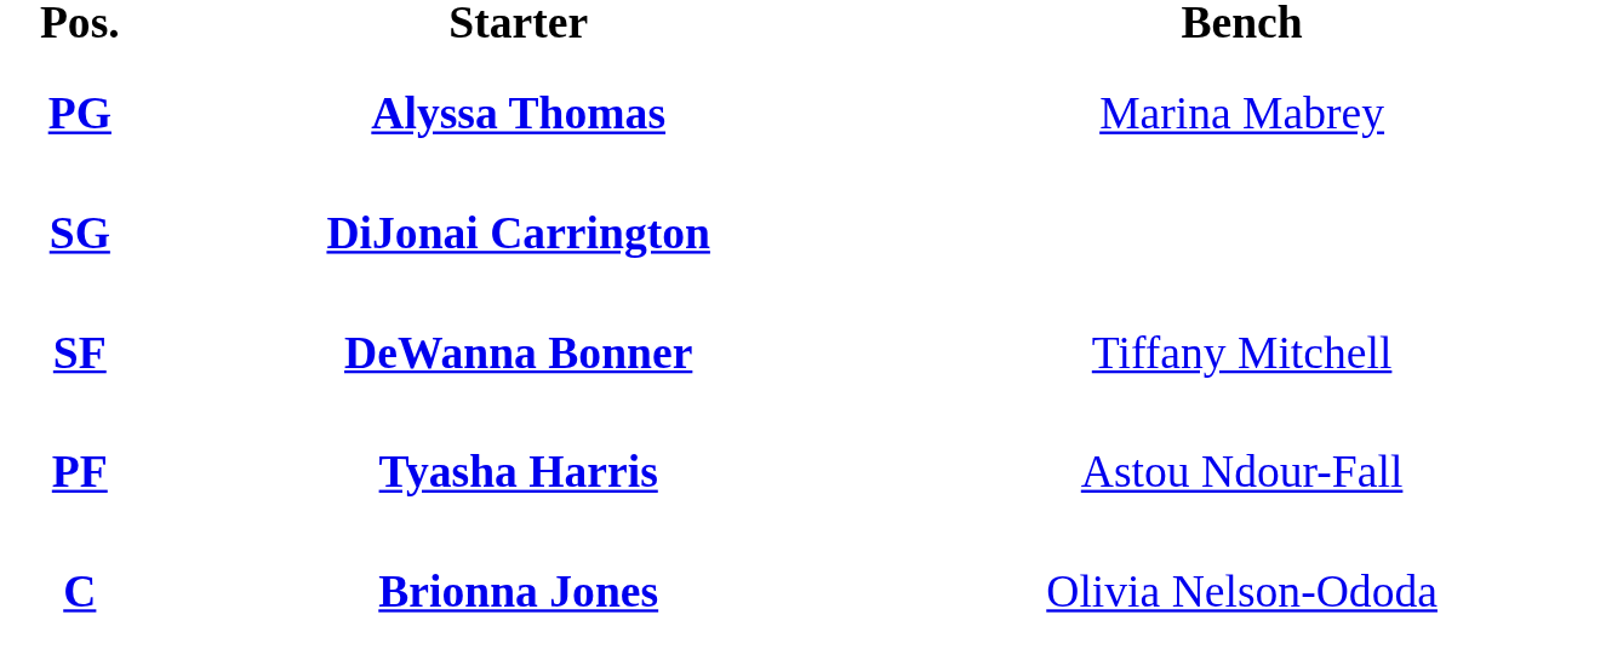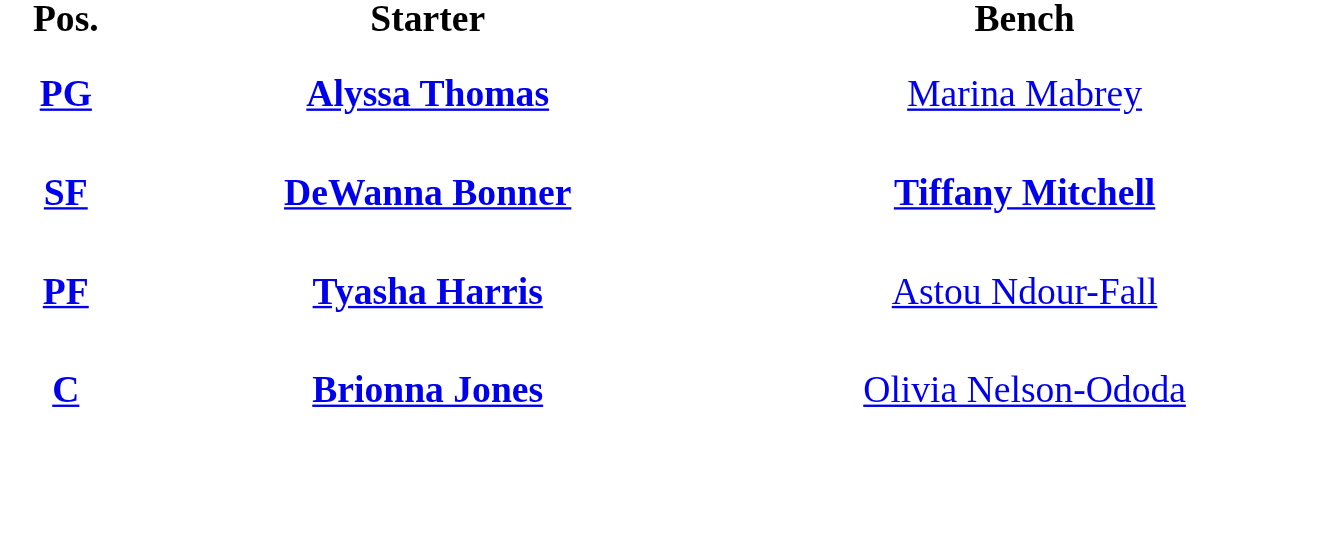 <table style="text-align:center; ">
 <tr>
 <th width="50">Pos.</th>
 <th width="250">Starter</th>
 <th width="250">Bench</th>
 </tr>
 <tr style="height:40px; background:white; color:#092C57">
 <th><a href='#'><span>PG</span></a></th>
 <td><strong><a href='#'>Alyssa Thomas</a></strong></td>
 <td><a href='#'>Marina Mabrey</a></td>
 </tr>
 <tr style="height:40px; background:white; color:#092C57">
-<th><a href='#'><span>SG</span></a></th>
-<td><strong><a href='#'>DiJonai Carrington</a></strong></td>
-<td></td>
-</tr>
-<tr style="height:40px; background:white; color:#092C57">
 <th><a href='#'><span>SF</span></a></th>
 <td><strong><a href='#'>DeWanna Bonner</a></strong></td>
-<td><a href='#'>Tiffany Mitchell</a> </td>
+<td><strong><a href='#'>Tiffany Mitchell</a> </strong></td>
 </tr>
 <tr style="height:40px; background:white; color:#092C57">
 <th><a href='#'><span>PF</span></a></th>
 <td><strong><a href='#'>Tyasha Harris</a></strong></td>
 <td><a href='#'>Astou Ndour-Fall</a></td>
 </tr>
 <tr style="height:40px; background:white; color:#092C57">
 <th><a href='#'><span>C</span></a></th>
 <td><strong><a href='#'>Brionna Jones</a></strong></td>
 <td><a href='#'>Olivia Nelson-Ododa</a></td>
 </tr>
 </table>
